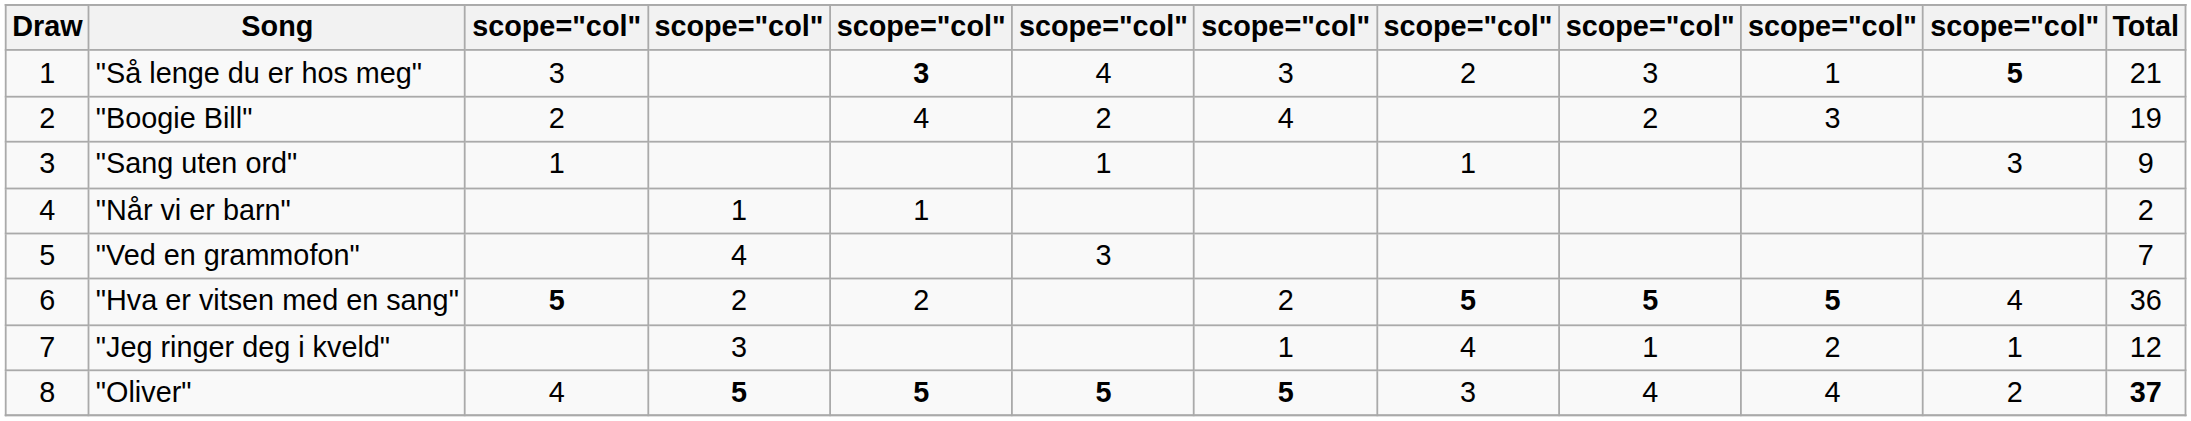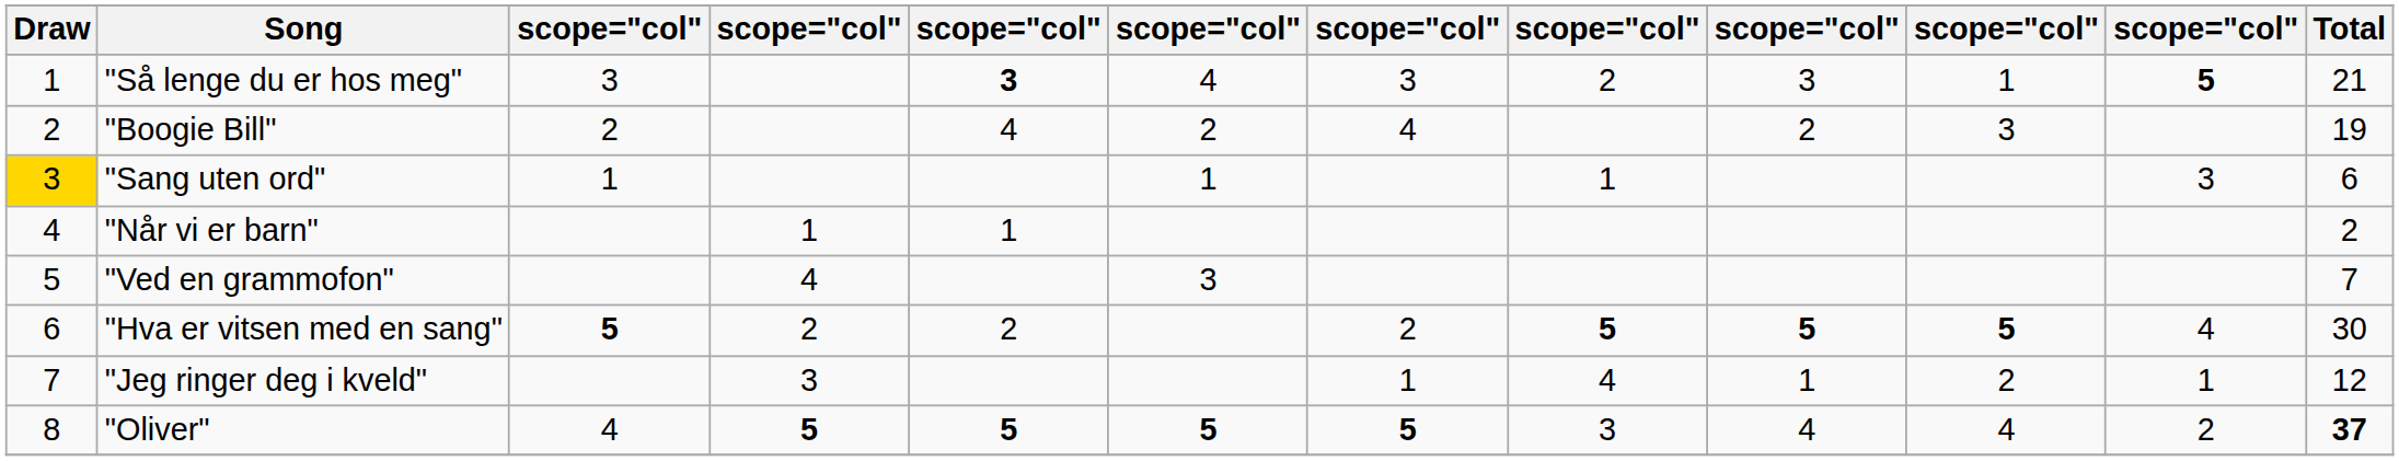 <table class="wikitable plainrowheaders" style="margin: 1em auto 1em auto; text-align:center;">
 <tr>
 </tr>
 <tr>
 <th scope="col">Draw</th>
 <th scope="col">Song</th>
 <th>scope="col" </th>
 <th>scope="col" </th>
 <th>scope="col" </th>
 <th>scope="col" </th>
 <th>scope="col" </th>
 <th>scope="col" </th>
 <th>scope="col" </th>
 <th>scope="col" </th>
 <th>scope="col" </th>
 <th scope="col">Total</th>
 </tr>
 <tr>
 <td>1</td>
 <td align=left>"Så lenge du er hos meg"</td>
 <td>3</td>
 <td></td>
 <td><strong>3</strong></td>
 <td>4</td>
 <td>3</td>
 <td>2</td>
 <td>3</td>
 <td>1</td>
 <td><strong>5</strong></td>
 <td>21</td>
 </tr>
 <tr>
 <td>2</td>
 <td align=left>"Boogie Bill"</td>
 <td>2</td>
 <td></td>
 <td>4</td>
 <td>2</td>
 <td>4</td>
 <td></td>
 <td>2</td>
 <td>3</td>
 <td></td>
 <td>19</td>
 </tr>
 <tr>
-<td>3</td>
+<td style="background: gold;">3</td>
 <td align=left>"Sang uten ord"</td>
 <td>1</td>
 <td></td>
 <td></td>
 <td>1</td>
 <td></td>
 <td>1</td>
 <td></td>
 <td></td>
 <td>3</td>
-<td>9</td>
+<td>6</td>
 </tr>
 <tr>
 <td>4</td>
 <td align=left>"Når vi er barn"</td>
 <td></td>
 <td>1</td>
 <td>1</td>
 <td></td>
 <td></td>
 <td></td>
 <td></td>
 <td></td>
 <td></td>
 <td>2</td>
 </tr>
 <tr>
 <td>5</td>
 <td align=left>"Ved en grammofon"</td>
 <td></td>
 <td>4</td>
 <td></td>
 <td>3</td>
 <td></td>
 <td></td>
 <td></td>
 <td></td>
 <td></td>
 <td>7</td>
 </tr>
 <tr>
 <td>6</td>
 <td align=left>"Hva er vitsen med en sang"</td>
 <td><strong>5</strong></td>
 <td>2</td>
 <td>2</td>
 <td></td>
 <td>2</td>
 <td><strong>5</strong></td>
 <td><strong>5</strong></td>
 <td><strong>5</strong></td>
 <td>4</td>
-<td>36</td>
+<td>30</td>
 </tr>
 <tr>
 <td>7</td>
 <td align=left>"Jeg ringer deg i kveld"</td>
 <td></td>
 <td>3</td>
 <td></td>
 <td></td>
 <td>1</td>
 <td>4</td>
 <td>1</td>
 <td>2</td>
 <td>1</td>
 <td>12</td>
 </tr>
 <tr>
 <td>8</td>
 <td align=left>"Oliver"</td>
 <td>4</td>
 <td><strong>5</strong></td>
 <td><strong>5</strong></td>
 <td><strong>5</strong></td>
 <td><strong>5</strong></td>
 <td>3</td>
 <td>4</td>
 <td>4</td>
 <td>2</td>
 <td><strong>37</strong></td>
 </tr>
 <tr>
 </tr>
 </table>
